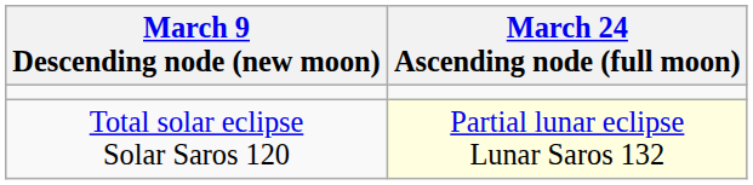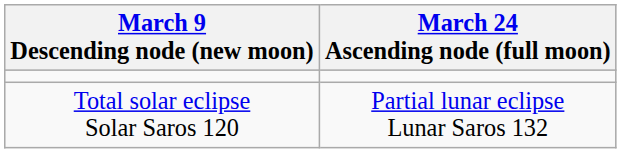 <table class="wikitable">
 <tr>
 <th><a href='#'>March 9</a><br>Descending node (new moon)<br></th>
 <th><a href='#'>March 24</a><br>Ascending node (full moon)<br></th>
 </tr>
 <tr>
 <td></td>
 <td></td>
 </tr>
 <tr align=center>
 <td><a href='#'>Total solar eclipse</a><br>Solar Saros 120</td>
-<td style="background: lightyellow;"><a href='#'>Partial lunar eclipse</a><br>Lunar Saros 132</td>
+<td><a href='#'>Partial lunar eclipse</a><br>Lunar Saros 132</td>
 </tr>
 </table>
